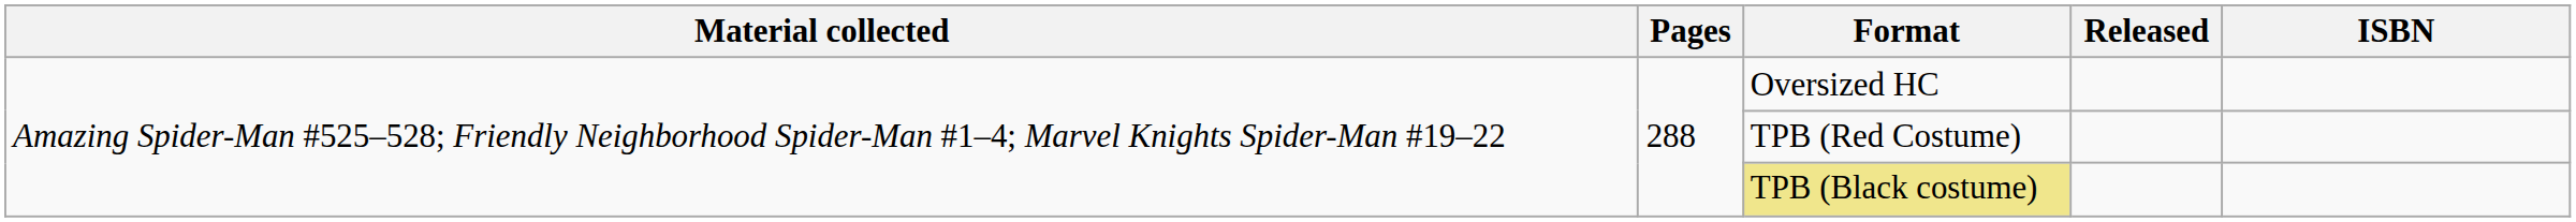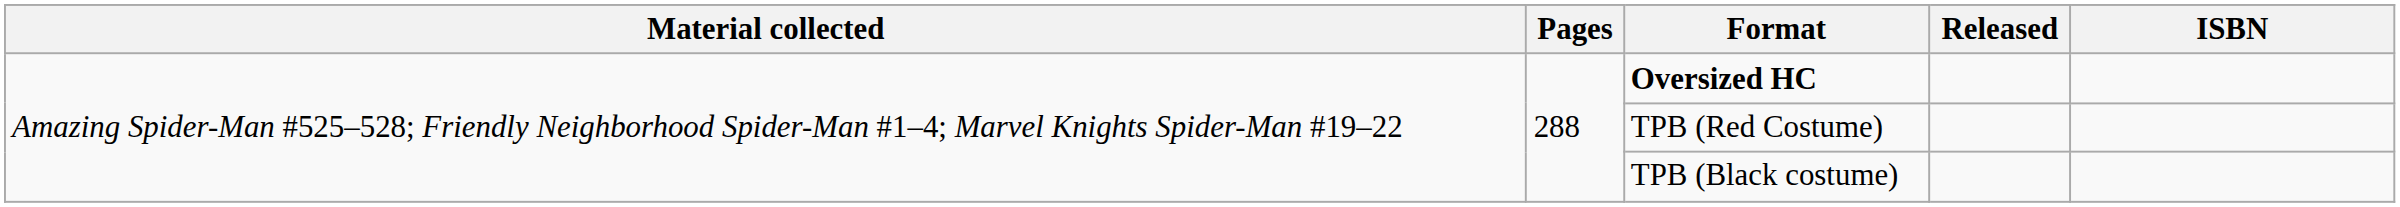 <table class="wikitable sortable" width=98%>
 <tr>
 <th>Material collected</th>
 <th>Pages</th>
 <th class="unsortable">Format</th>
 <th>Released</th>
 <th class="unsortable" style="width: 10em;">ISBN</th>
 </tr>
 <tr>
 <td rowspan=3><em>Amazing Spider-Man</em> #525–528; <em>Friendly Neighborhood Spider-Man</em> #1–4; <em>Marvel Knights Spider-Man</em> #19–22</td>
 <td rowspan=3>288</td>
-<td>Oversized HC</td>
+<td><strong>Oversized HC</strong></td>
 <td></td>
 <td></td>
 </tr>
 <tr>
 <td>TPB (Red Costume)</td>
 <td></td>
 <td></td>
 </tr>
 <tr>
-<td style="background: khaki;">TPB (Black costume)</td>
+<td>TPB (Black costume)</td>
 <td></td>
 <td></td>
 </tr>
 </table>
